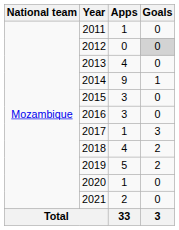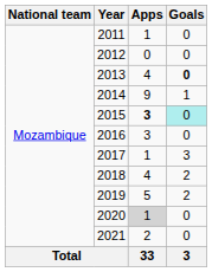 <table class="wikitable" style="text-align:center">
 <tr>
 <th>National team</th>
 <th>Year</th>
 <th>Apps</th>
 <th>Goals</th>
 </tr>
 <tr>
 <td rowspan="11"><a href='#'>Mozambique</a></td>
 <td>2011</td>
 <td>1</td>
 <td>0</td>
 </tr>
 <tr>
 <td>2012</td>
 <td>0</td>
-<td style="background: lightgrey;">0</td>
+<td>0</td>
 </tr>
 <tr>
 <td>2013</td>
 <td>4</td>
-<td>0</td>
+<td><strong>0</strong></td>
 </tr>
 <tr>
 <td>2014</td>
 <td>9</td>
 <td>1</td>
 </tr>
 <tr>
 <td>2015</td>
-<td>3</td>
-<td>0</td>
+<td><strong>3</strong></td>
+<td style="background: paleturquoise;">0</td>
 </tr>
 <tr>
 <td>2016</td>
 <td>3</td>
 <td>0</td>
 </tr>
 <tr>
 <td>2017</td>
 <td>1</td>
 <td>3</td>
 </tr>
 <tr>
 <td>2018</td>
 <td>4</td>
 <td>2</td>
 </tr>
 <tr>
 <td>2019</td>
 <td>5</td>
 <td>2</td>
 </tr>
 <tr>
 <td>2020</td>
-<td>1</td>
+<td style="background: lightgrey;">1</td>
 <td>0</td>
 </tr>
 <tr>
 <td>2021</td>
 <td>2</td>
 <td>0</td>
 </tr>
 <tr>
 <th colspan="2">Total</th>
 <th>33</th>
 <th>3</th>
 </tr>
 </table>
